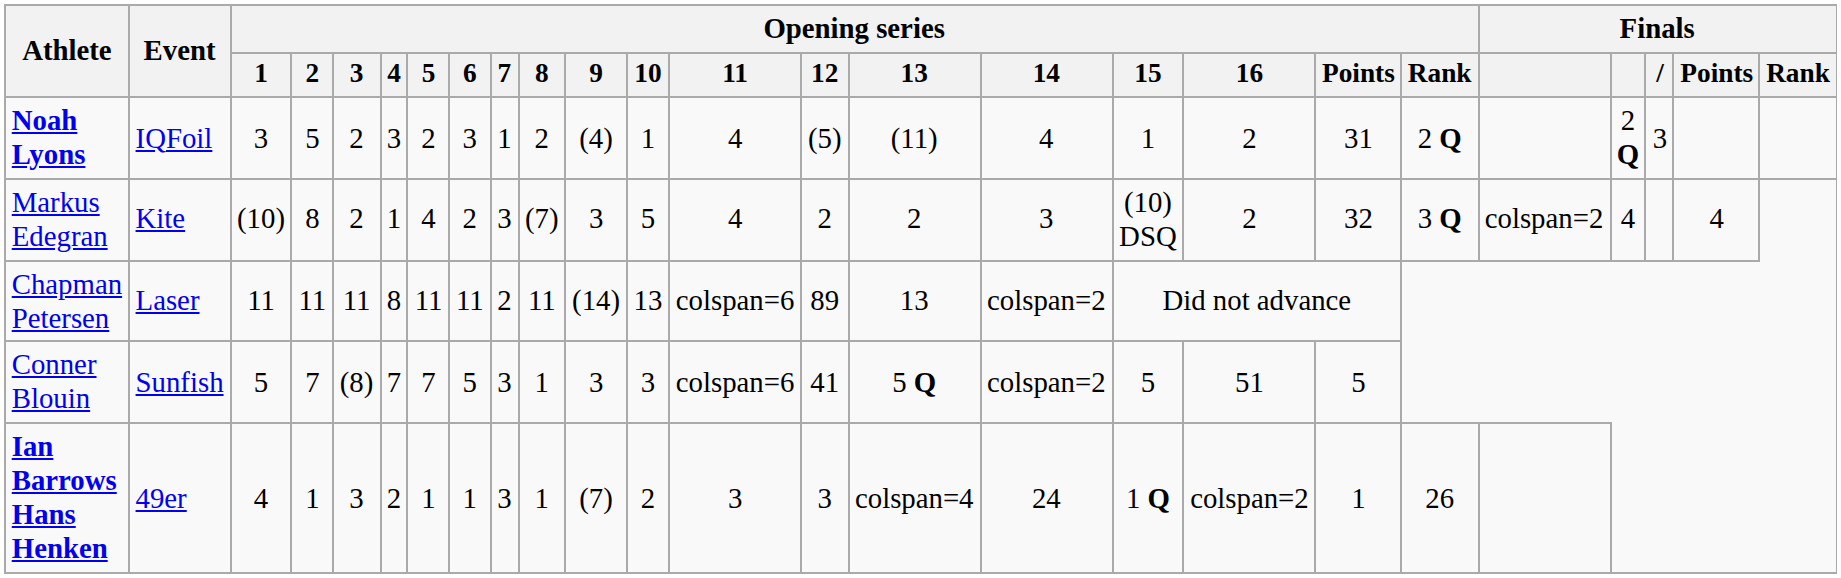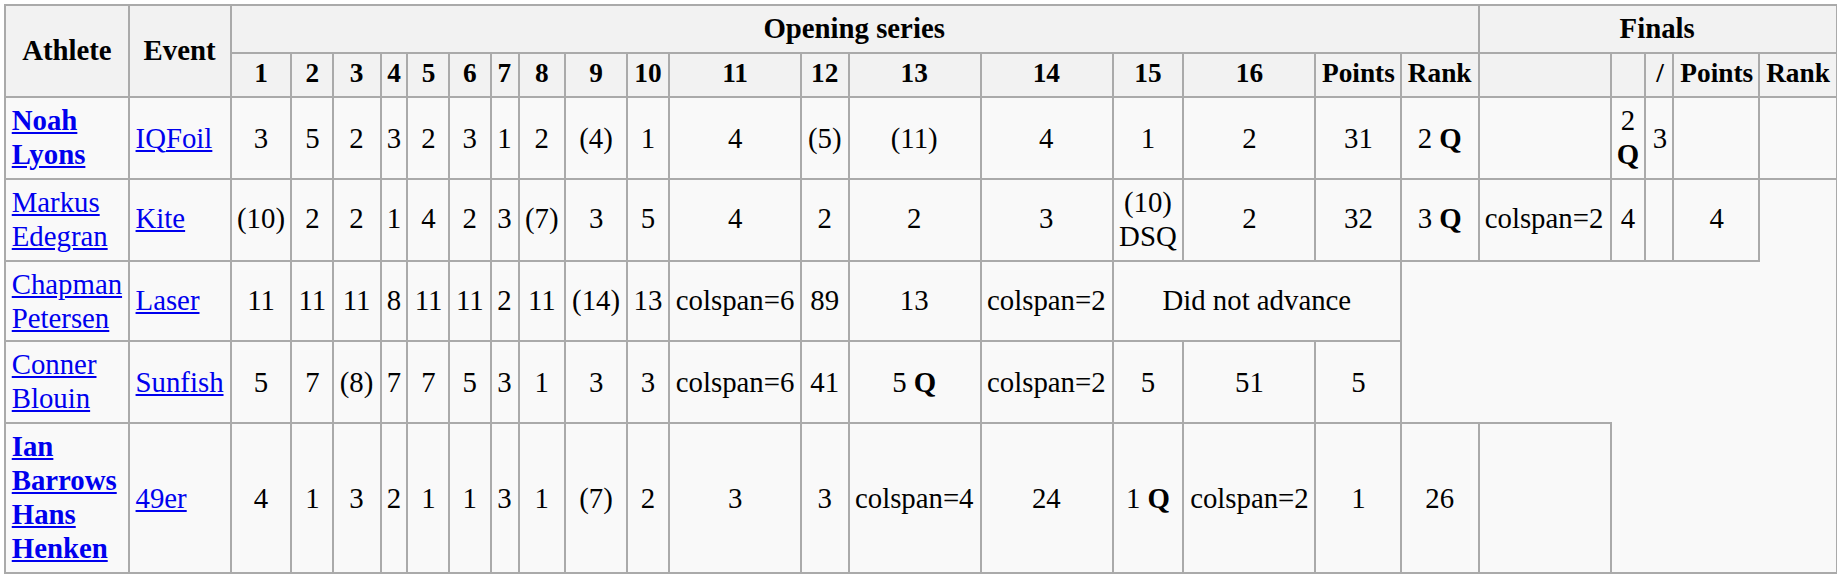 <table class=wikitable style=font-size:90%;text-align:center>
 <tr>
 <th rowspan=2>Athlete</th>
 <th rowspan=2>Event</th>
 <th colspan=18>Opening series</th>
 <th colspan=5>Finals</th>
 </tr>
 <tr style=font-size:95%>
 <th>1</th>
 <th>2</th>
 <th>3</th>
 <th>4</th>
 <th>5</th>
 <th>6</th>
 <th>7</th>
 <th>8</th>
 <th>9</th>
 <th>10</th>
 <th>11</th>
 <th>12</th>
 <th>13</th>
 <th>14</th>
 <th>15</th>
 <th>16</th>
 <th>Points</th>
 <th>Rank</th>
 <th></th>
 <th></th>
 <th> / </th>
 <th>Points</th>
 <th>Rank</th>
 </tr>
 <tr>
 <td align=left><strong><a href='#'>Noah Lyons</a></strong></td>
 <td align=left><a href='#'>IQFoil</a></td>
 <td>3</td>
 <td>5</td>
 <td>2</td>
 <td>3</td>
 <td>2<br></td>
 <td>3</td>
 <td>1</td>
 <td>2</td>
 <td>(4)</td>
 <td>1</td>
 <td>4</td>
 <td>(5)</td>
 <td>(11)<br></td>
 <td>4</td>
 <td>1</td>
 <td>2</td>
 <td>31</td>
 <td>2 <strong>Q</strong></td>
 <td></td>
 <td>2 <strong>Q</strong></td>
 <td>3</td>
 <td></td>
 <td></td>
 </tr>
 <tr>
 <td align=left><a href='#'>Markus Edegran</a></td>
 <td align=left><a href='#'>Kite</a></td>
 <td>(10)<br></td>
-<td>8</td>
+<td>2</td>
 <td>2</td>
 <td>1</td>
 <td>4</td>
 <td>2</td>
 <td>3</td>
 <td>(7)</td>
 <td>3</td>
 <td>5</td>
 <td>4</td>
 <td>2</td>
 <td>2</td>
 <td>3</td>
 <td>(10)<br>DSQ</td>
 <td>2</td>
 <td>32</td>
 <td>3 <strong>Q</strong></td>
 <td>colspan=2 </td>
 <td>4</td>
 <td></td>
 <td>4</td>
 </tr>
 <tr>
 <td align=left><a href='#'>Chapman Petersen</a></td>
 <td align=left><a href='#'>Laser</a></td>
 <td>11</td>
 <td>11</td>
 <td>11</td>
 <td>8</td>
 <td>11</td>
 <td>11</td>
 <td>2</td>
 <td>11</td>
 <td>(14)</td>
 <td>13</td>
 <td>colspan=6 </td>
 <td>89</td>
 <td>13</td>
 <td>colspan=2 </td>
 <td colspan=3>Did not advance</td>
 </tr>
 <tr>
 <td align=left><a href='#'>Conner Blouin</a></td>
 <td align=left><a href='#'>Sunfish</a></td>
 <td>5</td>
 <td>7</td>
 <td>(8)</td>
 <td>7</td>
 <td>7</td>
 <td>5</td>
 <td>3</td>
 <td>1</td>
 <td>3</td>
 <td>3</td>
 <td>colspan=6 </td>
 <td>41</td>
 <td>5 <strong>Q</strong></td>
 <td>colspan=2 </td>
 <td>5</td>
 <td>51</td>
 <td>5</td>
 </tr>
 <tr>
 <td align=left><strong><a href='#'>Ian Barrows</a><br><a href='#'>Hans Henken</a></strong></td>
 <td align=left><a href='#'>49er</a></td>
 <td>4</td>
 <td>1</td>
 <td>3</td>
 <td>2</td>
 <td>1</td>
 <td>1</td>
 <td>3</td>
 <td>1</td>
 <td>(7)</td>
 <td>2</td>
 <td>3</td>
 <td>3</td>
 <td>colspan=4 </td>
 <td>24</td>
 <td>1 <strong>Q</strong></td>
 <td>colspan=2 </td>
 <td>1</td>
 <td>26</td>
 <td></td>
 </tr>
 </table>
